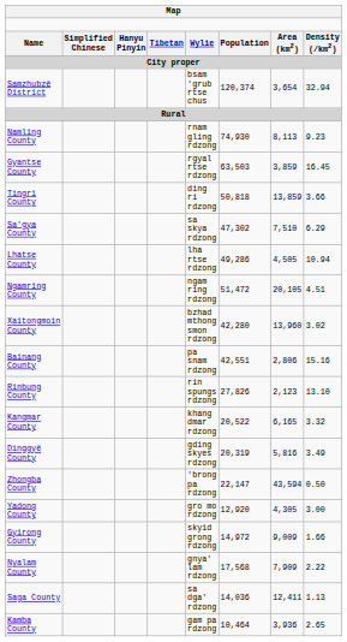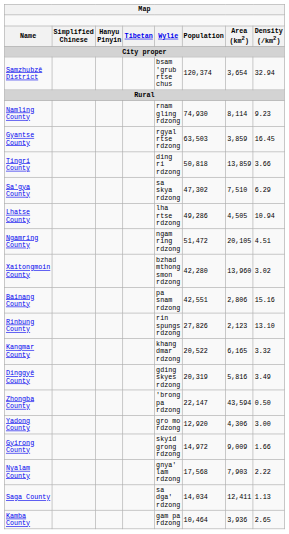 <table class="wikitable" align="center" style="width:50%; font-size:smaller" border="1">
 <tr>
 <th colspan="13">Map</th>
 </tr>
 <tr>
 <td colspan="13"><div><br>                     </div></td>
 </tr>
 <tr>
 <th>Name</th>
 <th>Simplified Chinese</th>
 <th>Hanyu Pinyin</th>
 <th><a href='#'>Tibetan</a></th>
 <th><a href='#'>Wylie</a></th>
 <th>Population </th>
 <th>Area (km<sup>2</sup>)</th>
 <th>Density (/km<sup>2</sup>)</th>
 </tr>
 <tr>
 <td colspan="9"  style="text-align:center; background:#d3d3d3;"><strong>City proper</strong></td>
 </tr>
 <tr --------->
 <td><a href='#'>Samzhubzê District</a></td>
 <td></td>
 <td></td>
 <td></td>
 <td>bsam 'grub rtse chus</td>
 <td>120,374</td>
 <td>3,654</td>
 <td>32.94</td>
 </tr>
 <tr>
 <td colspan="9"  style="text-align:center; background:#d3d3d3;"><strong>Rural</strong></td>
 </tr>
 <tr --------->
 <td><a href='#'>Namling County</a></td>
 <td></td>
 <td></td>
 <td></td>
 <td>rnam gling rdzong</td>
 <td>74,930</td>
-<td>8,113</td>
+<td>8,114</td>
 <td>9.23</td>
 </tr>
 <tr -------->
 <td><a href='#'>Gyantse County</a></td>
 <td></td>
 <td></td>
 <td></td>
 <td>rgyal rtse rdzong</td>
 <td>63,503</td>
 <td>3,859</td>
 <td>16.45</td>
 </tr>
 <tr --------->
 <td><a href='#'>Tingri County</a></td>
 <td></td>
 <td></td>
 <td></td>
 <td>ding ri rdzong</td>
 <td>50,818</td>
 <td>13,859</td>
 <td>3.66</td>
 </tr>
 <tr --------->
 <td><a href='#'>Sa'gya County</a></td>
 <td></td>
 <td></td>
 <td></td>
 <td>sa skya rdzong</td>
 <td>47,302</td>
 <td>7,510</td>
 <td>6.29</td>
 </tr>
 <tr --------->
 <td><a href='#'>Lhatse County</a></td>
 <td></td>
 <td></td>
 <td></td>
 <td>lha rtse rdzong</td>
 <td>49,286</td>
 <td>4,505</td>
 <td>10.94</td>
 </tr>
 <tr --------->
 <td><a href='#'>Ngamring County</a></td>
 <td></td>
 <td></td>
 <td></td>
 <td>ngam ring rdzong</td>
 <td>51,472</td>
 <td>20,105</td>
 <td>4.51</td>
 </tr>
 <tr --------->
 <td><a href='#'>Xaitongmoin County</a></td>
 <td></td>
 <td></td>
 <td></td>
 <td>bzhad mthong smon rdzong</td>
 <td>42,280</td>
 <td>13,960</td>
 <td>3.02</td>
 </tr>
 <tr --------->
 <td><a href='#'>Bainang County</a></td>
 <td></td>
 <td></td>
 <td></td>
 <td>pa snam rdzong</td>
 <td>42,551</td>
 <td>2,806</td>
 <td>15.16</td>
 </tr>
 <tr --------->
 <td><a href='#'>Rinbung County</a></td>
 <td></td>
 <td></td>
 <td></td>
 <td>rin spungs rdzong</td>
 <td>27,826</td>
 <td>2,123</td>
 <td>13.10</td>
 </tr>
 <tr --------->
 <td><a href='#'>Kangmar County</a></td>
 <td></td>
 <td></td>
 <td></td>
 <td>khang dmar rdzong</td>
 <td>20,522</td>
 <td>6,165</td>
 <td>3.32</td>
 </tr>
 <tr --------->
 <td><a href='#'>Dinggyê County</a></td>
 <td></td>
 <td></td>
 <td></td>
 <td>gding skyes rdzong</td>
 <td>20,319</td>
 <td>5,816</td>
 <td>3.49</td>
 </tr>
 <tr --------->
 <td><a href='#'>Zhongba County</a></td>
 <td></td>
 <td></td>
 <td></td>
 <td>'brong pa rdzong</td>
 <td>22,147</td>
 <td>43,594</td>
 <td>0.50</td>
 </tr>
 <tr --------->
 <td><a href='#'>Yadong County</a></td>
 <td></td>
 <td></td>
 <td></td>
 <td>gro mo rdzong</td>
 <td>12,920</td>
-<td>4,305</td>
+<td>4,306</td>
 <td>3.00</td>
 </tr>
 <tr --------->
 <td><a href='#'>Gyirong County</a></td>
 <td></td>
 <td></td>
 <td></td>
 <td>skyid grong rdzong</td>
 <td>14,972</td>
 <td>9,009</td>
 <td>1.66</td>
 </tr>
 <tr --------->
 <td><a href='#'>Nyalam County</a></td>
 <td></td>
 <td></td>
 <td></td>
 <td>gnya' lam rdzong</td>
 <td>17,568</td>
-<td>7,909</td>
+<td>7,903</td>
 <td>2.22</td>
 </tr>
 <tr --------->
 <td><a href='#'>Saga County</a></td>
 <td></td>
 <td></td>
 <td></td>
 <td>sa dga' rdzong</td>
-<td>14,036</td>
+<td>14,034</td>
 <td>12,411</td>
 <td>1.13</td>
 </tr>
 <tr --------->
 <td><a href='#'>Kamba County</a></td>
 <td></td>
 <td></td>
 <td></td>
 <td>gam pa rdzong</td>
 <td>10,464</td>
 <td>3,936</td>
 <td>2.65</td>
 </tr>
 </table>
